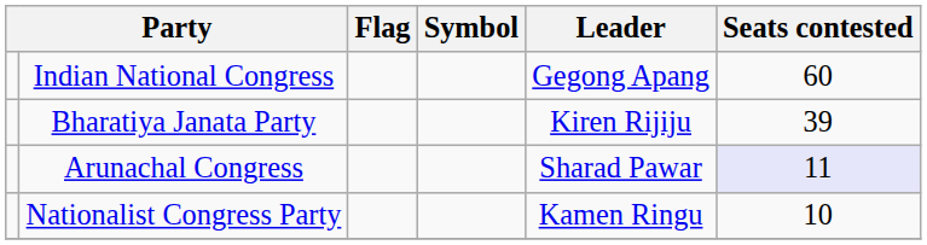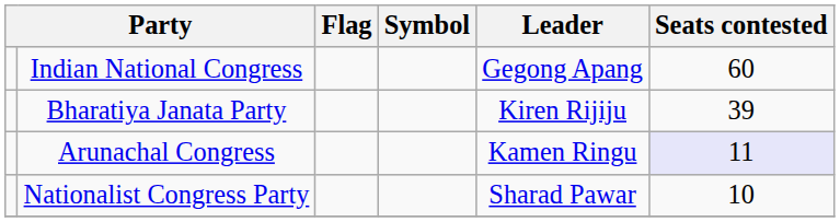 <table class="wikitable" style="text-align:center;">
 <tr>
 <th colspan="2">Party</th>
 <th>Flag</th>
 <th>Symbol</th>
 <th>Leader</th>
 <th>Seats contested</th>
 </tr>
 <tr>
 <td></td>
 <td><a href='#'>Indian National Congress</a></td>
 <td></td>
 <td></td>
 <td><a href='#'>Gegong Apang</a></td>
 <td>60</td>
 </tr>
 <tr>
 <td></td>
 <td><a href='#'>Bharatiya Janata Party</a></td>
 <td></td>
 <td></td>
 <td><a href='#'>Kiren Rijiju</a></td>
 <td>39</td>
 </tr>
 <tr>
 <td></td>
 <td><a href='#'>Arunachal Congress</a></td>
 <td></td>
 <td></td>
-<td><a href='#'>Sharad Pawar</a></td>
+<td><a href='#'>Kamen Ringu</a></td>
 <td style="background: lavender;">11</td>
 </tr>
 <tr>
 <td></td>
 <td><a href='#'>Nationalist Congress Party</a></td>
 <td></td>
 <td></td>
-<td><a href='#'>Kamen Ringu</a></td>
+<td><a href='#'>Sharad Pawar</a></td>
 <td>10</td>
 </tr>
 <tr>
 </tr>
 </table>
